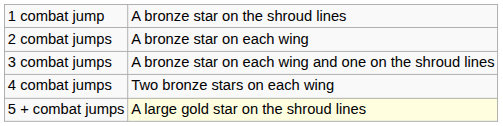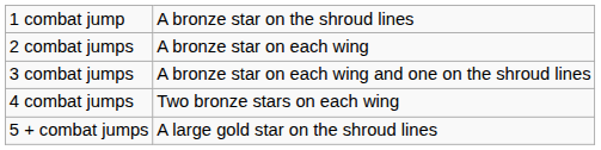 <table class="wikitable">
 <tr>
 <td>1 combat jump</td>
 <td>A bronze star on the shroud lines</td>
 </tr>
 <tr>
 <td>2 combat jumps</td>
 <td>A bronze star on each wing</td>
 </tr>
 <tr>
 <td>3 combat jumps</td>
 <td>A bronze star on each wing and one on the shroud lines</td>
 </tr>
 <tr>
 <td>4 combat jumps</td>
 <td>Two bronze stars on each wing</td>
 </tr>
 <tr>
 <td>5 + combat jumps</td>
-<td style="background: lightyellow;">A large gold star on the shroud lines</td>
+<td>A large gold star on the shroud lines</td>
 </tr>
 </table>
